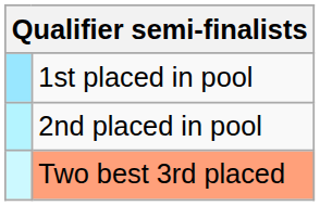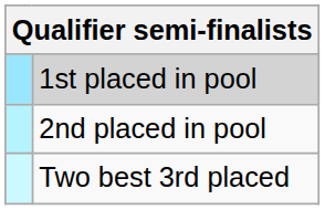 <table class="wikitable" style="font-size:90%; line-height:1.3;">
 <tr>
 <th colspan=2>Qualifier semi-finalists</th>
 </tr>
 <tr>
 <td style="width:0.5em;background:#99e7ff;"> </td>
-<td>1st placed in pool</td>
+<td style="background: lightgrey;">1st placed in pool</td>
 </tr>
 <tr>
 <td style="width:0.5em;background:#b4f4ff;"> </td>
 <td>2nd placed in pool</td>
 </tr>
 <tr>
 <td style="width:0.5em;background:#ccf9ff;"> </td>
-<td style="background: lightsalmon;">Two best 3rd placed</td>
+<td>Two best 3rd placed</td>
 </tr>
 </table>
